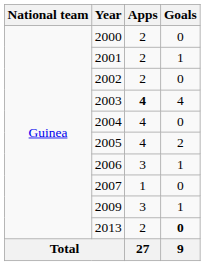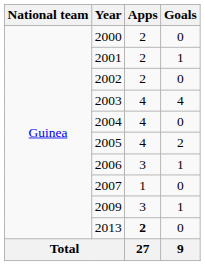 <table class=wikitable style="text-align: center">
 <tr>
 <th>National team</th>
 <th>Year</th>
 <th>Apps</th>
 <th>Goals</th>
 </tr>
 <tr>
 <td rowspan=10><a href='#'>Guinea</a></td>
 <td>2000</td>
 <td>2</td>
 <td>0</td>
 </tr>
 <tr>
 <td>2001</td>
 <td>2</td>
 <td>1</td>
 </tr>
 <tr>
 <td>2002</td>
 <td>2</td>
 <td>0</td>
 </tr>
 <tr>
 <td>2003</td>
-<td><strong>4</strong></td>
+<td>4</td>
 <td>4</td>
 </tr>
 <tr>
 <td>2004</td>
 <td>4</td>
 <td>0</td>
 </tr>
 <tr>
 <td>2005</td>
 <td>4</td>
 <td>2</td>
 </tr>
 <tr>
 <td>2006</td>
 <td>3</td>
 <td>1</td>
 </tr>
 <tr>
 <td>2007</td>
 <td>1</td>
 <td>0</td>
 </tr>
 <tr>
 <td>2009</td>
 <td>3</td>
 <td>1</td>
 </tr>
 <tr>
 <td>2013</td>
-<td>2</td>
-<td><strong>0</strong></td>
+<td><strong>2</strong></td>
+<td>0</td>
 </tr>
 <tr>
 <th colspan=2>Total</th>
 <th>27</th>
 <th>9</th>
 </tr>
 </table>
